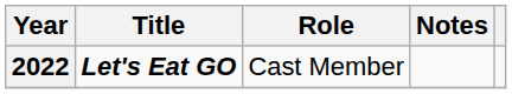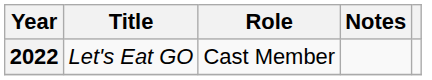 <table class="wikitable sortable plainrowheaders">
 <tr>
 <th scope="col">Year</th>
 <th scope="col">Title</th>
 <th scope="col">Role</th>
 <th scope="col" class="unsortable">Notes</th>
 <th scope="col" class="unsortable"></th>
 </tr>
 <tr>
 <th scope="row">2022</th>
-<td><strong><em>Let's Eat GO</em></strong></td>
+<td><em>Let's Eat GO</em></td>
 <td>Cast Member</td>
 <td></td>
 <td></td>
 </tr>
 <tr>
 </tr>
 </table>
